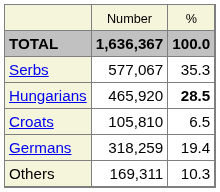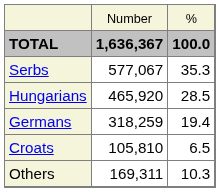 <table border=1 cellpadding=4 cellspacing=0 class="toccolours" style="align: left; margin: 0.5em 0 0 0; border-style: solid; border: 1px solid #7f7f7f; border-right-width: 2px; border-bottom-width: 2px; border-collapse: collapse; font-size: 95%;">
 <tr>
 <td style="background:#F5F5DC;"></td>
 <td style="background:#F5F5DC;" align="center"><small>Number</small></td>
 <td style="background:#F5F5DC;" align="center"><small>%</small></td>
 </tr>
 <tr>
 <td style="background:#c1c1c1;"><strong>TOTAL</strong></td>
 <td colspan=1 style="background:#c1c1c1;" align="center"><strong>1,636,367</strong></td>
 <td colspan=1 style="background:#c1c1c1;" align="center"><strong>100.0</strong></td>
 </tr>
 <tr>
 <td style="background:#F5F5DC;"><a href='#'>Serbs</a></td>
 <td align="right">577,067</td>
 <td align="right">35.3</td>
 </tr>
 <tr>
 <td style="background:#F5F5DC;"><a href='#'>Hungarians</a></td>
 <td align="right">465,920</td>
-<td align="right"><strong>28.5</strong></td>
+<td align="right">28.5</td>
+</tr>
+<tr>
+<td style="background:#F5F5DC;"><a href='#'>Germans</a></td>
+<td align="right">318,259</td>
+<td align="right">19.4</td>
 </tr>
 <tr>
 <td style="background:#F5F5DC;"><a href='#'>Croats</a></td>
 <td align="right">105,810</td>
 <td align="right">6.5</td>
 </tr>
 <tr>
-<td style="background:#F5F5DC;"><a href='#'>Germans</a></td>
-<td align="right">318,259</td>
-<td align="right">19.4</td>
-</tr>
-<tr>
 <td style="background:#F5F5DC;">Others</td>
 <td align="right">169,311</td>
 <td align="right">10.3</td>
 </tr>
 </table>
